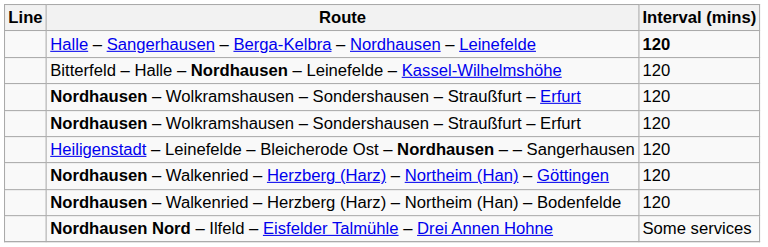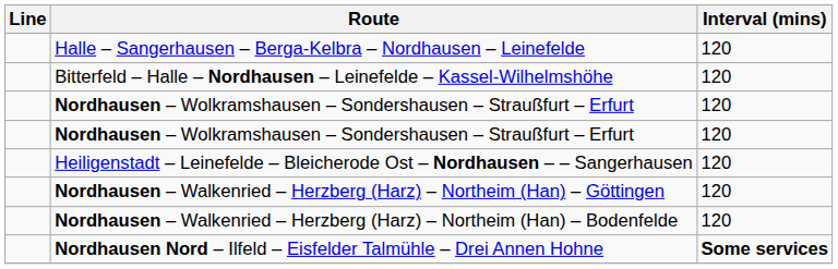 <table class="wikitable">
 <tr>
 <th>Line</th>
 <th>Route</th>
 <th>Interval (mins)</th>
 </tr>
 <tr>
 <td align="center"></td>
 <td><a href='#'>Halle</a> – <a href='#'>Sangerhausen</a> – <a href='#'>Berga-Kelbra</a> – <a href='#'>Nordhausen</a> – <a href='#'>Leinefelde</a></td>
-<td><strong>120</strong></td>
+<td>120</td>
 </tr>
 <tr>
 <td align="center"></td>
 <td>Bitterfeld – Halle – <strong>Nordhausen</strong> – Leinefelde – <a href='#'>Kassel-Wilhelmshöhe</a></td>
 <td>120</td>
 </tr>
 <tr>
 <td align="center"></td>
 <td><strong>Nordhausen</strong> – Wolkramshausen – Sondershausen – Straußfurt – <a href='#'>Erfurt</a></td>
 <td>120</td>
 </tr>
 <tr>
 <td align="center"></td>
 <td><strong>Nordhausen</strong> – Wolkramshausen – Sondershausen – Straußfurt – Erfurt</td>
 <td>120</td>
 </tr>
 <tr>
 <td align="center"></td>
 <td><a href='#'>Heiligenstadt</a> – Leinefelde – Bleicherode Ost – <strong>Nordhausen</strong> –  – Sangerhausen</td>
 <td>120</td>
 </tr>
 <tr>
 <td align="center"></td>
 <td><strong>Nordhausen</strong> – Walkenried – <a href='#'>Herzberg (Harz)</a> – <a href='#'>Northeim (Han)</a> – <a href='#'>Göttingen</a></td>
 <td>120</td>
 </tr>
 <tr>
 <td align="center"></td>
 <td><strong>Nordhausen</strong> – Walkenried – Herzberg (Harz) – Northeim (Han) – Bodenfelde</td>
 <td>120</td>
 </tr>
 <tr>
 <td align="center"></td>
 <td><strong>Nordhausen Nord</strong> – Ilfeld – <a href='#'>Eisfelder Talmühle</a> – <a href='#'>Drei Annen Hohne</a></td>
-<td>Some services</td>
+<td><strong>Some services</strong></td>
 </tr>
 <tr>
 </tr>
 </table>
